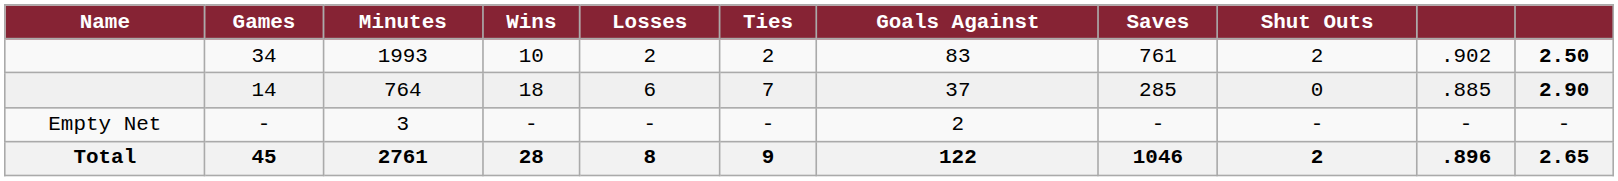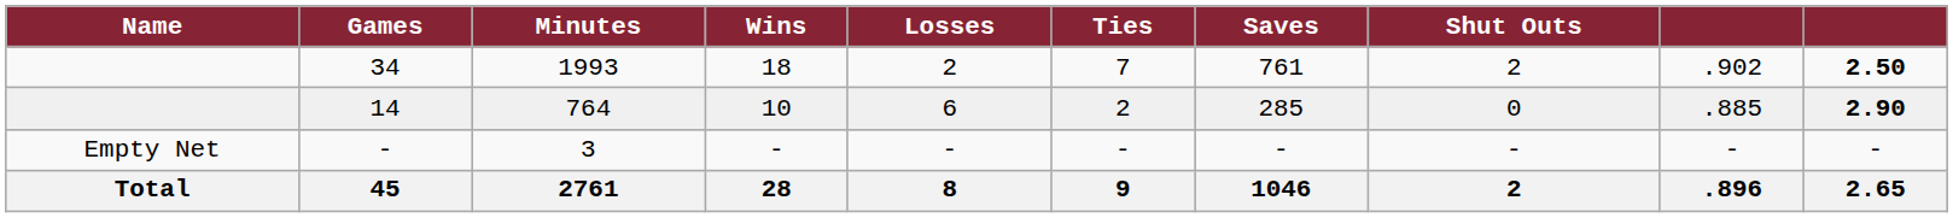 <table class="wikitable sortable" width ="1000">
 <tr align="center">
 <th style="color:white; background:#862334; ">Name</th>
 <th style="color:white; background:#862334; ">Games</th>
 <th style="color:white; background:#862334; ">Minutes</th>
 <th style="color:white; background:#862334; ">Wins</th>
 <th style="color:white; background:#862334; ">Losses</th>
 <th style="color:white; background:#862334; ">Ties</th>
-<th style="color:white; background:#862334; ">Goals Against</th>
 <th style="color:white; background:#862334; ">Saves</th>
 <th style="color:white; background:#862334; ">Shut Outs</th>
 <th style="color:white; background:#862334; "><a href='#'></a></th>
 <th style="color:white; background:#862334; "><a href='#'></a></th>
 </tr>
 <tr align="center">
 <td></td>
 <td>34</td>
 <td>1993</td>
-<td>10</td>
+<td>18</td>
 <td>2</td>
-<td>2</td>
-<td>83</td>
+<td>7</td>
 <td>761</td>
 <td>2</td>
 <td>.902</td>
 <td><strong>2.50</strong></td>
 </tr>
 <tr align="center" bgcolor="#f0f0f0">
 <td></td>
 <td>14</td>
 <td>764</td>
-<td>18</td>
+<td>10</td>
 <td>6</td>
-<td>7</td>
-<td>37</td>
+<td>2</td>
 <td>285</td>
 <td>0</td>
 <td>.885</td>
 <td><strong>2.90</strong></td>
 </tr>
 <tr align="center" bgcolor="">
 <td>Empty Net</td>
 <td>-</td>
 <td>3</td>
 <td>-</td>
 <td>-</td>
 <td>-</td>
-<td>2</td>
 <td>-</td>
 <td>-</td>
 <td>-</td>
 <td>-</td>
 </tr>
 <tr>
 <th>Total</th>
 <th>45</th>
 <th>2761</th>
 <th>28</th>
 <th>8</th>
 <th>9</th>
-<th>122</th>
 <th>1046</th>
 <th>2</th>
 <th>.896</th>
 <th><strong>2.65</strong></th>
 </tr>
 </table>
